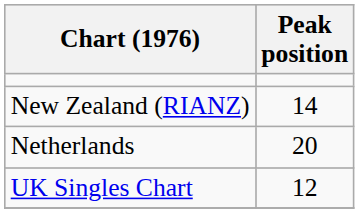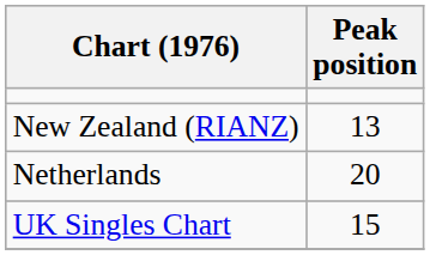 <table class="wikitable sortable">
 <tr>
 <th>Chart (1976)</th>
 <th>Peak<br>position</th>
 </tr>
 <tr>
 <td></td>
 </tr>
 <tr>
 <td>New Zealand (<a href='#'>RIANZ</a>)</td>
-<td style="text-align:center;">14</td>
+<td style="text-align:center;">13</td>
 </tr>
 <tr>
 <td>Netherlands</td>
 <td style="text-align:center;">20</td>
 </tr>
 <tr>
 <td><a href='#'>UK Singles Chart</a></td>
-<td style="text-align:center;">12</td>
+<td style="text-align:center;">15</td>
 </tr>
 <tr>
 </tr>
 </table>
